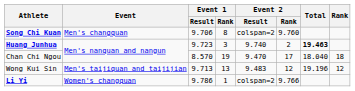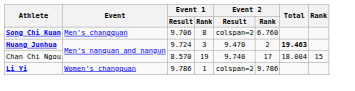 <table class=wikitable style=font-size:90%;text-align:center>
 <tr>
 <th rowspan="2">Athlete</th>
 <th rowspan="2">Event</th>
 <th colspan="2">Event 1</th>
 <th colspan="2">Event 2</th>
 <th rowspan="2">Total</th>
 <th rowspan="2">Rank</th>
 </tr>
 <tr style="font-size:95%">
 <th>Result</th>
 <th>Rank</th>
 <th>Result</th>
 <th>Rank</th>
 </tr>
 <tr>
 <td align=left><strong><a href='#'>Song Chi Kuan</a></strong></td>
 <td align=left><a href='#'>Men's changquan</a></td>
 <td>9.706</td>
 <td>8</td>
 <td>colspan=2 </td>
-<td>9.760</td>
+<td>6.760</td>
 <td></td>
 </tr>
 <tr>
 <td align=left><strong><a href='#'>Huang Junhua</a></strong></td>
 <td align=left rowspan=2><a href='#'>Men's nanquan and nangun</a></td>
-<td>9.723</td>
+<td>9.724</td>
 <td>3</td>
-<td>9.740</td>
+<td>9.470</td>
 <td>2</td>
 <td><strong>19.463</strong></td>
 <td></td>
 </tr>
 <tr>
 <td align=left>Chan Chi Ngou</td>
 <td>8.570</td>
 <td>19</td>
-<td>9.470</td>
+<td>9.740</td>
 <td>17</td>
-<td>18.040</td>
-<td>18</td>
-</tr>
-<tr>
-<td align=left>Wong Kui Sin</td>
-<td align=left><a href='#'>Men's taijiquan and taijijian</a></td>
-<td>9.713</td>
-<td>13</td>
-<td>9.483</td>
-<td>12</td>
-<td>19.196</td>
-<td>12</td>
+<td>18.004</td>
+<td>15</td>
 </tr>
 <tr>
 <td align=left><strong><a href='#'>Li Yi</a></strong></td>
 <td align=left><a href='#'>Women's changquan</a></td>
 <td>9.786</td>
 <td>1</td>
 <td>colspan=2 </td>
-<td>9.766</td>
+<td>9.786</td>
 <td></td>
 </tr>
 </table>
